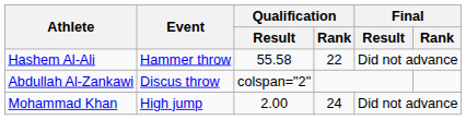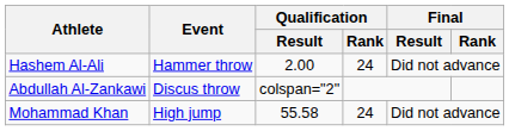 <table class="wikitable" style="font-size:90%; text-align:center">
 <tr>
 <th rowspan="2">Athlete</th>
 <th rowspan="2">Event</th>
 <th colspan="2">Qualification</th>
 <th colspan="2">Final</th>
 </tr>
 <tr>
 <th>Result</th>
 <th>Rank</th>
 <th>Result</th>
 <th>Rank</th>
 </tr>
 <tr>
 <td align="left"><a href='#'>Hashem Al-Ali</a></td>
 <td align="left"><a href='#'>Hammer throw</a></td>
-<td>55.58</td>
-<td>22</td>
+<td>2.00</td>
+<td>24</td>
 <td colspan="2">Did not advance</td>
 </tr>
 <tr>
 <td align="left"><a href='#'>Abdullah Al-Zankawi</a></td>
 <td align="left"><a href='#'>Discus throw</a></td>
 <td>colspan="2" </td>
 <td colspan="2"></td>
 </tr>
 <tr>
 <td align="left"><a href='#'>Mohammad Khan</a></td>
 <td align="left"><a href='#'>High jump</a></td>
-<td>2.00</td>
+<td>55.58</td>
 <td>24</td>
 <td colspan="2">Did not advance</td>
 </tr>
 </table>
